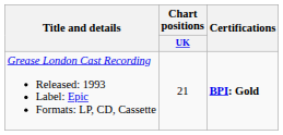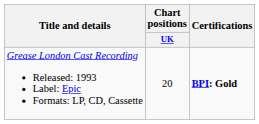 <table class="wikitable">
 <tr>
 <th rowspan="2">Title and details</th>
 <th colspan="1">Chart positions</th>
 <th rowspan="2">Certifications</th>
 </tr>
 <tr style="font-size:smaller;">
 <th width="30"><a href='#'>UK</a></th>
 </tr>
 <tr>
 <td><em><a href='#'>Grease London Cast Recording</a></em><br><ul><li>Released: 1993</li><li>Label: <a href='#'>Epic</a></li><li>Formats: LP, CD, Cassette</li></ul></td>
-<td style="text-align: center;">21 </td>
+<td style="text-align: center;">20 </td>
 <td><strong><a href='#'>BPI</a>: Gold</strong></td>
 </tr>
 </table>
